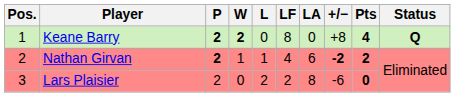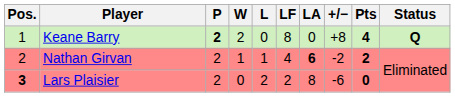 <table class="wikitable" style="text-align:center; margin: 1em auto 1em auto, align:left">
 <tr>
 <th width=20>Pos.</th>
 <th width=185>Player</th>
 <th width=20>P</th>
 <th width=20>W</th>
 <th width=20>L</th>
 <th width=20>LF</th>
 <th width=20>LA</th>
 <th width=25>+/−</th>
 <th width=20>Pts</th>
 <th width=70>Status</th>
 </tr>
 <tr style="background:#D0F0C0;">
 <td>1</td>
 <td align=left> <a href='#'>Keane Barry</a></td>
 <td><strong>2</strong></td>
-<td><strong>2</strong></td>
+<td>2</td>
 <td>0</td>
 <td>8</td>
 <td>0</td>
 <td>+8</td>
 <td><strong>4</strong></td>
 <td rowspan=1><strong>Q</strong></td>
 </tr>
 <tr style="background:#FF8888;">
 <td>2</td>
 <td align=left> <a href='#'>Nathan Girvan</a></td>
-<td><strong>2</strong></td>
+<td>2</td>
 <td>1</td>
 <td>1</td>
 <td>4</td>
-<td>6</td>
-<td><strong>-2</strong></td>
+<td><strong>6</strong></td>
+<td>-2</td>
 <td><strong>2</strong></td>
 <td rowspan=2>Eliminated</td>
 </tr>
 <tr style="background:#FF8888;">
-<td>3</td>
+<td><strong>3</strong></td>
 <td align=left> <a href='#'>Lars Plaisier</a></td>
 <td>2</td>
 <td>0</td>
 <td>2</td>
 <td>2</td>
 <td>8</td>
 <td>-6</td>
 <td><strong>0</strong></td>
 </tr>
 </table>
